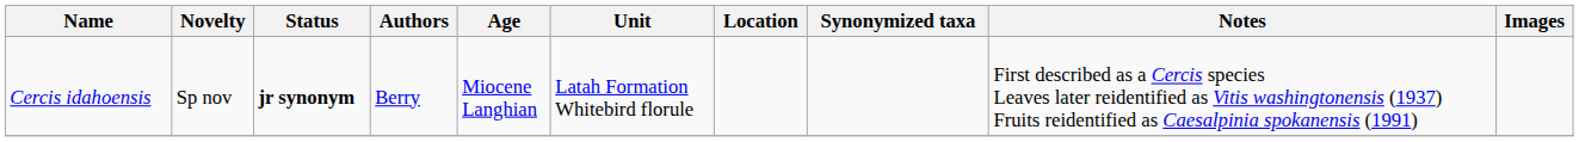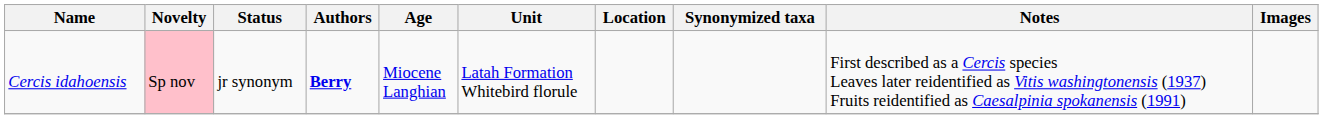 <table class="wikitable sortable" align="center" width="100%">
 <tr>
 <th>Name</th>
 <th>Novelty</th>
 <th>Status</th>
 <th>Authors</th>
 <th>Age</th>
 <th>Unit</th>
 <th>Location</th>
 <th>Synonymized taxa</th>
 <th>Notes</th>
 <th>Images</th>
 </tr>
 <tr>
 <td><br><em><a href='#'>Cercis idahoensis</a></em></td>
-<td><br>Sp nov</td>
-<td><strong><br>jr synonym</strong></td>
-<td><br><a href='#'>Berry</a></td>
+<td style="background: pink;"><br>Sp nov</td>
+<td><br>jr synonym</td>
+<td><strong><br><a href='#'>Berry</a></strong></td>
 <td><br><a href='#'>Miocene</a><br><a href='#'>Langhian</a></td>
 <td><br><a href='#'>Latah Formation</a><br>Whitebird florule</td>
 <td><br><br></td>
 <td></td>
 <td><br>First described as a <em><a href='#'>Cercis</a></em> species<br>Leaves later reidentified as <em><a href='#'>Vitis washingtonensis</a></em> (<a href='#'>1937</a>)<br> Fruits reidentified as <em><a href='#'>Caesalpinia spokanensis</a></em> (<a href='#'>1991</a>)</td>
 <td><br></td>
 </tr>
 <tr>
 </tr>
 </table>
